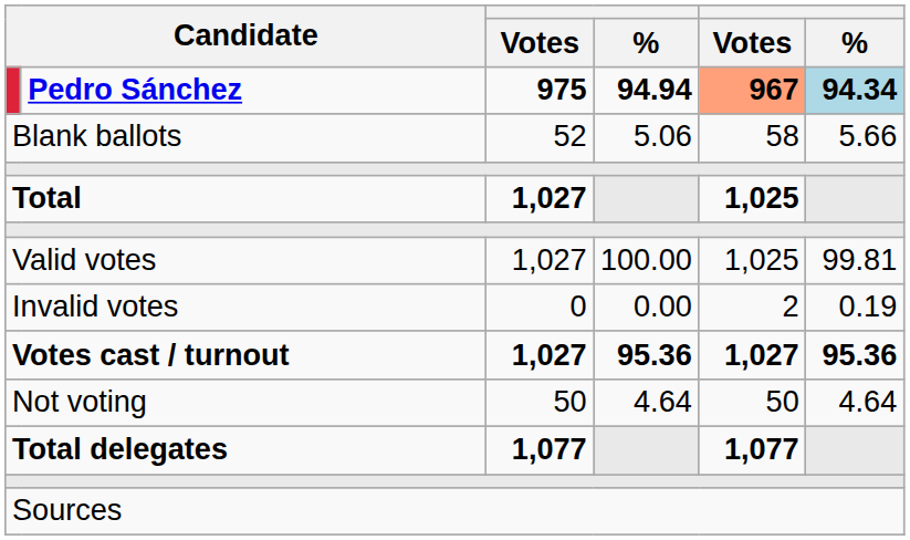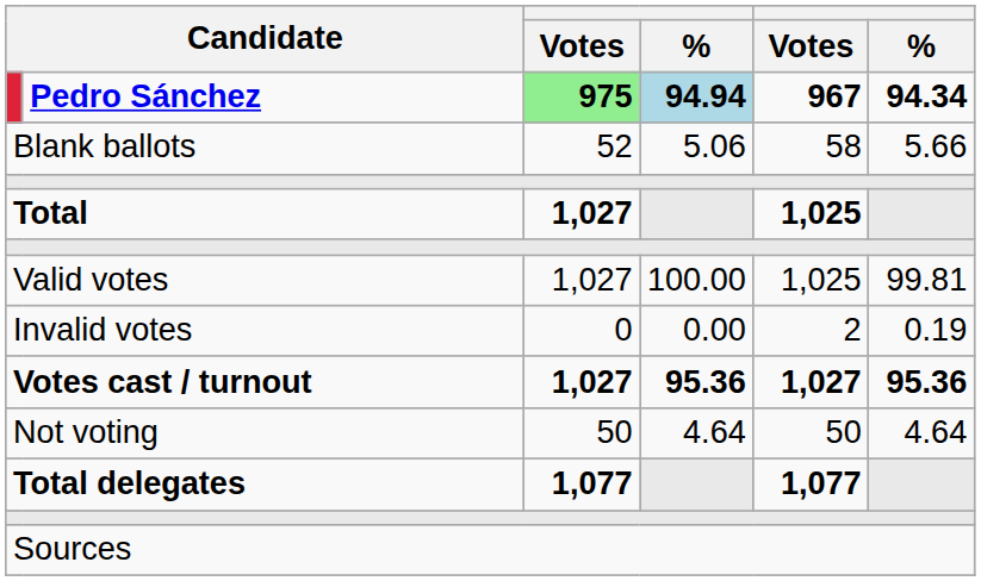 <table class="wikitable" style="text-align:right;">
 <tr>
 <th rowspan="2" colspan="2" width="250">Candidate</th>
 <th colspan="2"></th>
 <th colspan="2"></th>
 </tr>
 <tr>
 <th width="50">Votes</th>
 <th width="45">%</th>
 <th width="50">Votes</th>
 <th width="45">%</th>
 </tr>
 <tr>
 <td width="1" style="color:inherit;background:#DD2239"></td>
 <td align="left"><strong><a href='#'>Pedro Sánchez</a></strong></td>
-<td><strong>975</strong></td>
-<td><strong>94.94</strong></td>
-<td style="background: lightsalmon;"><strong>967</strong></td>
-<td style="background: lightblue;"><strong>94.34</strong></td>
+<td style="background: lightgreen;"><strong>975</strong></td>
+<td style="background: lightblue;"><strong>94.94</strong></td>
+<td><strong>967</strong></td>
+<td><strong>94.34</strong></td>
 </tr>
 <tr>
 <td align="left" colspan="2">Blank ballots</td>
 <td>52</td>
 <td>5.06</td>
 <td>58</td>
 <td>5.66</td>
 </tr>
 <tr>
 <td colspan="6" bgcolor="#E9E9E9"></td>
 </tr>
 <tr style="font-weight:bold;">
 <td align="left" colspan="2">Total</td>
 <td>1,027</td>
 <td bgcolor="#E9E9E9"></td>
 <td>1,025</td>
 <td bgcolor="#E9E9E9"></td>
 </tr>
 <tr>
 <td colspan="6" bgcolor="#E9E9E9"></td>
 </tr>
 <tr>
 <td align="left" colspan="2">Valid votes</td>
 <td>1,027</td>
 <td>100.00</td>
 <td>1,025</td>
 <td>99.81</td>
 </tr>
 <tr>
 <td align="left" colspan="2">Invalid votes</td>
 <td>0</td>
 <td>0.00</td>
 <td>2</td>
 <td>0.19</td>
 </tr>
 <tr style="font-weight:bold;">
 <td align="left" colspan="2">Votes cast / turnout</td>
 <td>1,027</td>
 <td>95.36</td>
 <td>1,027</td>
 <td>95.36</td>
 </tr>
 <tr>
 <td align="left" colspan="2">Not voting</td>
 <td>50</td>
 <td>4.64</td>
 <td>50</td>
 <td>4.64</td>
 </tr>
 <tr style="font-weight:bold;">
 <td align="left" colspan="2">Total delegates</td>
 <td>1,077</td>
 <td bgcolor="#E9E9E9"></td>
 <td>1,077</td>
 <td bgcolor="#E9E9E9"></td>
 </tr>
 <tr>
 <td colspan="6" bgcolor="#E9E9E9"></td>
 </tr>
 <tr>
 <td align="left" colspan="6">Sources</td>
 </tr>
 </table>
